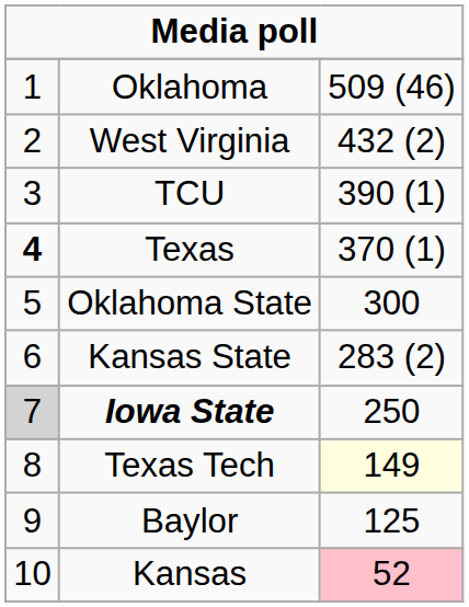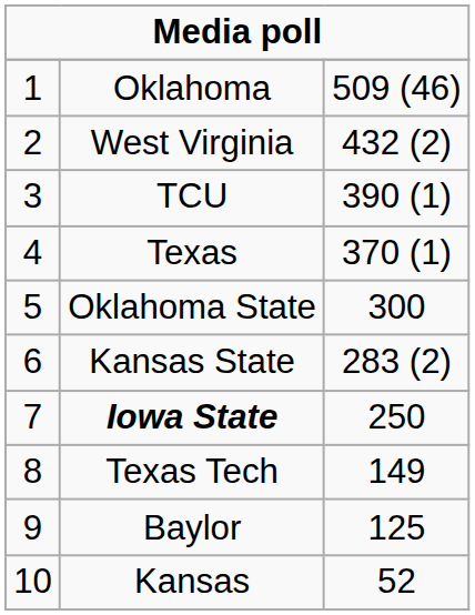 <table class="wikitable">
 <tr align="center">
 <td align="center" Colspan="3"><strong>Media poll</strong></td>
 </tr>
 <tr align="center">
 </tr>
 <tr align="center">
 <td>1</td>
 <td>Oklahoma</td>
 <td>509 (46)</td>
 </tr>
 <tr align="center">
 <td>2</td>
 <td>West Virginia</td>
 <td>432 (2)</td>
 </tr>
 <tr align="center">
 <td>3</td>
 <td>TCU</td>
 <td>390 (1)</td>
 </tr>
 <tr align="center">
-<td><strong>4</strong></td>
+<td>4</td>
 <td>Texas</td>
 <td>370 (1)</td>
 </tr>
 <tr align="center">
 <td>5</td>
 <td>Oklahoma State</td>
 <td>300</td>
 </tr>
 <tr align="center">
 <td>6</td>
 <td>Kansas State</td>
 <td>283 (2)</td>
 </tr>
 <tr align="center">
-<td style="background: lightgrey;">7</td>
+<td>7</td>
 <td><strong><em>  Iowa State</em></strong></td>
 <td>250</td>
 </tr>
 <tr align="center">
 <td>8</td>
 <td>Texas Tech</td>
-<td style="background: lightyellow;">149</td>
+<td>149</td>
 </tr>
 <tr align="center">
 <td>9</td>
 <td>Baylor</td>
 <td>125</td>
 </tr>
 <tr align="center">
 <td>10</td>
 <td>Kansas</td>
-<td style="background: pink;">52</td>
+<td>52</td>
 </tr>
 </table>
